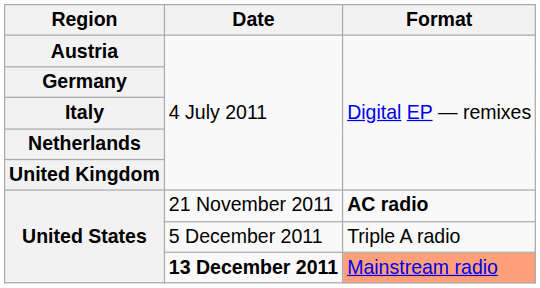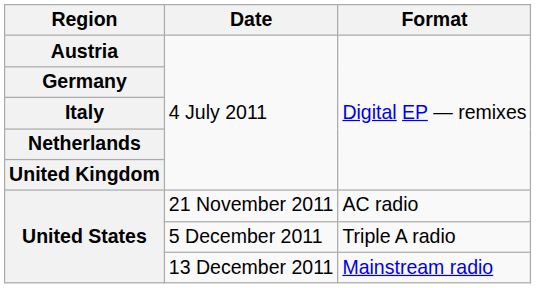 <table class="wikitable plainrowheaders">
 <tr>
 <th>Region</th>
 <th>Date</th>
 <th>Format</th>
 </tr>
 <tr>
 <th scope="row">Austria</th>
 <td rowspan="5">4 July 2011</td>
 <td rowspan="5"><a href='#'>Digital</a> <a href='#'>EP</a> — remixes</td>
 </tr>
 <tr>
 <th scope="row">Germany</th>
 </tr>
 <tr>
 <th scope="row">Italy</th>
 </tr>
 <tr>
 <th scope="row">Netherlands</th>
 </tr>
 <tr>
 <th scope="row">United Kingdom</th>
 </tr>
 <tr>
 <th scope="row" rowspan="3">United States</th>
 <td>21 November 2011</td>
-<td><strong>AC radio</strong></td>
+<td>AC radio</td>
 </tr>
 <tr>
 <td>5 December 2011</td>
 <td>Triple A radio</td>
 </tr>
 <tr>
-<td><strong>13 December 2011</strong></td>
-<td style="background: lightsalmon;"><a href='#'>Mainstream radio</a></td>
+<td>13 December 2011</td>
+<td><a href='#'>Mainstream radio</a></td>
 </tr>
 </table>
